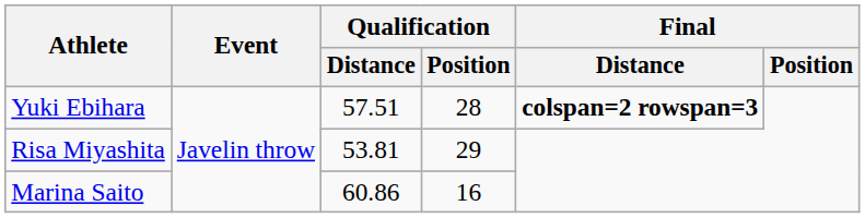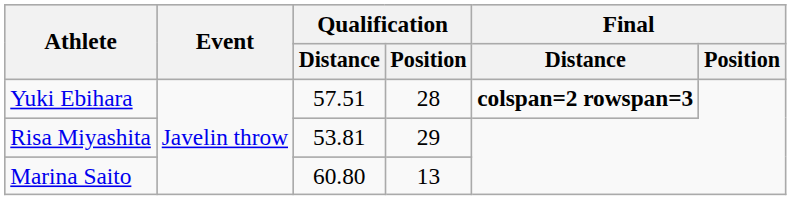 <table class=wikitable style="font-size:90%">
 <tr>
 <th rowspan="2">Athlete</th>
 <th rowspan="2">Event</th>
 <th colspan="2">Qualification</th>
 <th colspan="2">Final</th>
 </tr>
 <tr style="font-size:95%">
 <th>Distance</th>
 <th>Position</th>
 <th>Distance</th>
 <th>Position</th>
 </tr>
 <tr style=text-align:center>
 <td style=text-align:left><a href='#'>Yuki Ebihara</a></td>
 <td style=text-align:left rowspan=3><a href='#'>Javelin throw</a></td>
 <td>57.51</td>
 <td>28</td>
 <td><strong>colspan=2 rowspan=3 </strong></td>
 </tr>
 <tr style=text-align:center>
 <td style=text-align:left><a href='#'>Risa Miyashita</a></td>
 <td>53.81</td>
 <td>29</td>
 </tr>
 <tr style=text-align:center>
 <td style=text-align:left><a href='#'>Marina Saito</a></td>
-<td>60.86</td>
-<td>16</td>
+<td>60.80</td>
+<td>13</td>
 </tr>
 </table>
